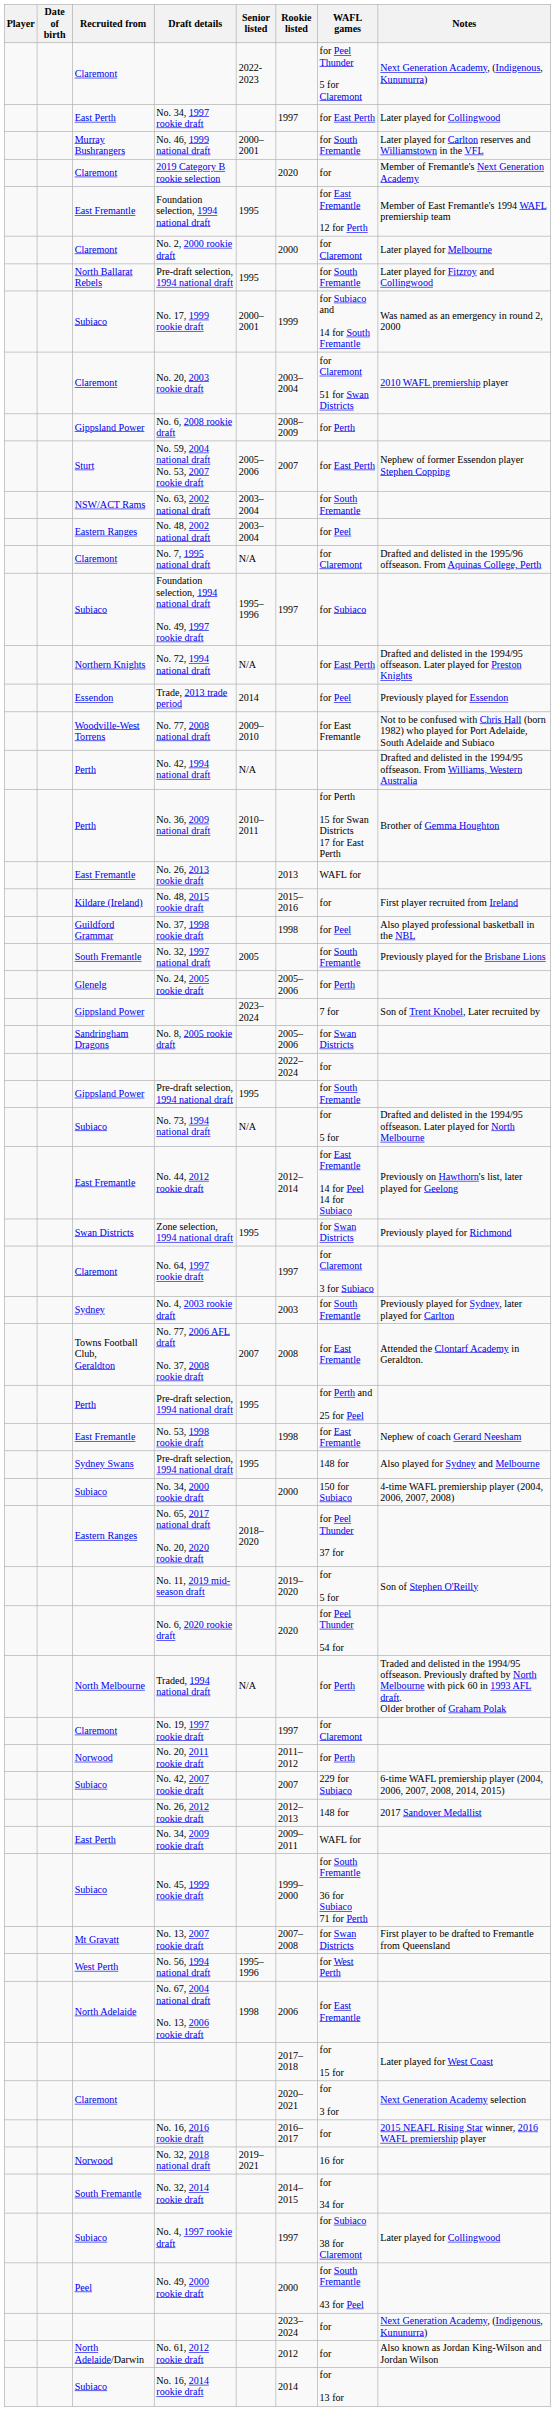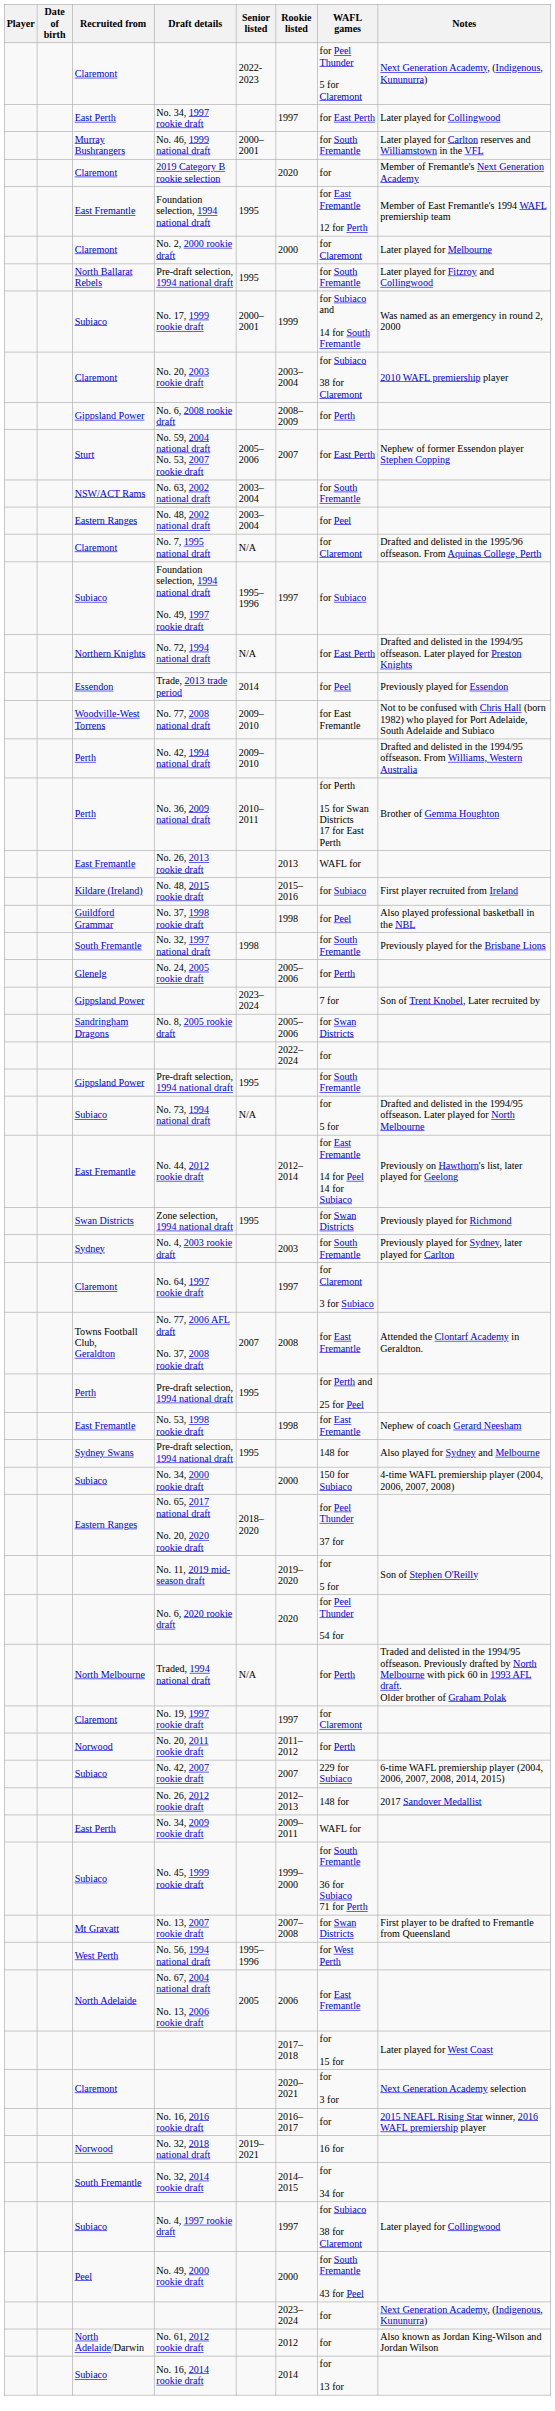 <table class="wikitable sortable">
 <tr>
 <th>Player</th>
 <th>Date of birth</th>
 <th>Recruited from</th>
 <th>Draft details</th>
 <th>Senior listed</th>
 <th>Rookie listed</th>
 <th>WAFL games</th>
 <th>Notes</th>
 </tr>
 <tr>
 <td></td>
 <td></td>
 <td><a href='#'>Claremont</a></td>
 <td></td>
 <td>2022-2023</td>
 <td></td>
 <td> for <a href='#'>Peel Thunder</a><br><br>5 for <a href='#'>Claremont</a></td>
 <td align=left><a href='#'>Next Generation Academy</a>, (<a href='#'>Indigenous</a>, <a href='#'>Kununurra</a>)</td>
 </tr>
 <tr>
 <td></td>
 <td></td>
 <td><a href='#'>East Perth</a></td>
 <td>No. 34, <a href='#'>1997 rookie draft</a></td>
 <td></td>
 <td>1997</td>
 <td> for <a href='#'>East Perth</a></td>
 <td>Later played for <a href='#'>Collingwood</a></td>
 </tr>
 <tr>
 <td></td>
 <td></td>
 <td><a href='#'>Murray Bushrangers</a></td>
 <td>No. 46, <a href='#'>1999 national draft</a></td>
 <td>2000–2001</td>
 <td></td>
 <td> for <a href='#'>South Fremantle</a></td>
 <td>Later played for <a href='#'>Carlton</a> reserves and <a href='#'>Williamstown</a> in the <a href='#'>VFL</a></td>
 </tr>
 <tr>
 <td align=left></td>
 <td></td>
 <td><a href='#'>Claremont</a></td>
 <td><a href='#'>2019 Category B rookie selection</a></td>
 <td></td>
 <td>2020</td>
 <td> for </td>
 <td>Member of Fremantle's <a href='#'>Next Generation Academy</a></td>
 </tr>
 <tr>
 <td></td>
 <td></td>
 <td><a href='#'>East Fremantle</a></td>
 <td>Foundation selection, <a href='#'>1994 national draft</a></td>
 <td>1995</td>
 <td></td>
 <td> for <a href='#'>East Fremantle</a><br><br>12 for <a href='#'>Perth</a></td>
 <td>Member of East Fremantle's 1994 <a href='#'>WAFL</a> premiership team</td>
 </tr>
 <tr>
 <td></td>
 <td></td>
 <td><a href='#'>Claremont</a></td>
 <td>No. 2, <a href='#'>2000 rookie draft</a></td>
 <td></td>
 <td>2000</td>
 <td> for <a href='#'>Claremont</a></td>
 <td>Later played for <a href='#'>Melbourne</a></td>
 </tr>
 <tr>
 <td></td>
 <td></td>
 <td><a href='#'>North Ballarat Rebels</a></td>
 <td>Pre-draft selection, <a href='#'>1994 national draft</a></td>
 <td>1995</td>
 <td></td>
 <td> for <a href='#'>South Fremantle</a></td>
 <td>Later played for <a href='#'>Fitzroy</a> and <a href='#'>Collingwood</a></td>
 </tr>
 <tr>
 <td></td>
 <td></td>
 <td><a href='#'>Subiaco</a></td>
 <td>No. 17, <a href='#'>1999 rookie draft</a></td>
 <td>2000–2001</td>
 <td>1999</td>
 <td> for <a href='#'>Subiaco</a> and<br><br>14 for <a href='#'>South Fremantle</a></td>
 <td>Was named as an emergency in round 2, 2000</td>
 </tr>
 <tr>
 <td></td>
 <td></td>
 <td><a href='#'>Claremont</a></td>
 <td>No. 20, <a href='#'>2003 rookie draft</a></td>
 <td></td>
 <td>2003–2004</td>
-<td> for <a href='#'>Claremont</a><br><br>51 for <a href='#'>Swan Districts</a></td>
+<td> for <a href='#'>Subiaco</a><br><br>38 for <a href='#'>Claremont</a></td>
 <td><a href='#'>2010 WAFL premiership</a> player</td>
 </tr>
 <tr>
 <td></td>
 <td></td>
 <td><a href='#'>Gippsland Power</a></td>
 <td>No. 6, <a href='#'>2008 rookie draft</a></td>
 <td></td>
 <td>2008–2009</td>
 <td> for <a href='#'>Perth</a></td>
 <td></td>
 </tr>
 <tr>
 <td></td>
 <td></td>
 <td><a href='#'>Sturt</a></td>
 <td>No. 59, <a href='#'>2004 national draft</a><br>No. 53, <a href='#'>2007 rookie draft</a></td>
 <td>2005–2006</td>
 <td>2007</td>
 <td> for <a href='#'>East Perth</a></td>
 <td>Nephew of former Essendon player <a href='#'>Stephen Copping</a></td>
 </tr>
 <tr>
 <td></td>
 <td></td>
 <td><a href='#'>NSW/ACT Rams</a></td>
 <td>No. 63, <a href='#'>2002 national draft</a></td>
 <td>2003–2004</td>
 <td></td>
 <td> for <a href='#'>South Fremantle</a></td>
 <td></td>
 </tr>
 <tr>
 <td></td>
 <td></td>
 <td><a href='#'>Eastern Ranges</a></td>
 <td>No. 48, <a href='#'>2002 national draft</a></td>
 <td>2003–2004</td>
 <td></td>
 <td> for <a href='#'>Peel</a></td>
 <td></td>
 </tr>
 <tr>
 <td></td>
 <td></td>
 <td><a href='#'>Claremont</a></td>
 <td>No. 7, <a href='#'>1995 national draft</a></td>
 <td>N/A</td>
 <td></td>
 <td> for <a href='#'>Claremont</a></td>
 <td>Drafted and delisted in the 1995/96 offseason. From <a href='#'>Aquinas College, Perth</a></td>
 </tr>
 <tr>
 <td></td>
 <td></td>
 <td><a href='#'>Subiaco</a></td>
 <td>Foundation selection, <a href='#'>1994 national draft</a><br><br>No. 49, <a href='#'>1997 rookie draft</a></td>
 <td>1995–1996</td>
 <td>1997</td>
 <td> for <a href='#'>Subiaco</a></td>
 <td></td>
 </tr>
 <tr>
 <td></td>
 <td></td>
 <td><a href='#'>Northern Knights</a></td>
 <td>No. 72, <a href='#'>1994 national draft</a></td>
 <td>N/A</td>
 <td></td>
 <td> for <a href='#'>East Perth</a></td>
 <td>Drafted and delisted in the 1994/95 offseason. Later played for <a href='#'>Preston Knights</a></td>
 </tr>
 <tr>
 <td></td>
 <td></td>
 <td><a href='#'>Essendon</a></td>
 <td>Trade, <a href='#'>2013 trade period</a></td>
 <td>2014</td>
 <td></td>
 <td> for <a href='#'>Peel</a></td>
 <td>Previously played for <a href='#'>Essendon</a></td>
 </tr>
 <tr>
 <td></td>
 <td></td>
 <td><a href='#'>Woodville-West Torrens</a></td>
 <td>No. 77, <a href='#'>2008 national draft</a></td>
 <td>2009–2010</td>
 <td></td>
 <td> for East Fremantle</td>
 <td>Not to be confused with <a href='#'>Chris Hall</a> (born 1982) who played for Port Adelaide, South Adelaide and Subiaco</td>
 </tr>
 <tr>
 <td></td>
 <td></td>
 <td><a href='#'>Perth</a></td>
 <td>No. 42, <a href='#'>1994 national draft</a></td>
-<td>N/A</td>
+<td>2009–2010</td>
 <td></td>
 <td></td>
 <td>Drafted and delisted in the 1994/95 offseason. From <a href='#'>Williams, Western Australia</a></td>
 </tr>
 <tr>
 <td></td>
 <td></td>
 <td><a href='#'>Perth</a></td>
 <td>No. 36, <a href='#'>2009 national draft</a></td>
 <td>2010–2011</td>
 <td></td>
 <td> for Perth<br><br>15 for Swan Districts<br> 17 for East Perth</td>
 <td>Brother of <a href='#'>Gemma Houghton</a></td>
 </tr>
 <tr>
 <td></td>
 <td></td>
 <td><a href='#'>East Fremantle</a></td>
 <td>No. 26, <a href='#'>2013 rookie draft</a></td>
 <td></td>
 <td>2013</td>
 <td> WAFL for </td>
 <td></td>
 </tr>
 <tr>
 <td></td>
 <td></td>
 <td><a href='#'>Kildare (Ireland)</a></td>
 <td>No. 48, <a href='#'>2015 rookie draft</a></td>
 <td></td>
 <td>2015–2016</td>
-<td> for </td>
+<td> for <a href='#'>Subiaco</a></td>
 <td>First player recruited from <a href='#'>Ireland</a></td>
 </tr>
 <tr>
 <td></td>
 <td></td>
 <td><a href='#'>Guildford Grammar</a></td>
 <td>No. 37, <a href='#'>1998 rookie draft</a></td>
 <td></td>
 <td>1998</td>
 <td> for <a href='#'>Peel</a></td>
 <td>Also played professional basketball in the <a href='#'>NBL</a></td>
 </tr>
 <tr>
 <td></td>
 <td></td>
 <td><a href='#'>South Fremantle</a></td>
 <td>No. 32, <a href='#'>1997 national draft</a></td>
-<td>2005</td>
+<td>1998</td>
 <td></td>
 <td> for <a href='#'>South Fremantle</a></td>
 <td>Previously played for the <a href='#'>Brisbane Lions</a></td>
 </tr>
 <tr>
 <td></td>
 <td></td>
 <td><a href='#'>Glenelg</a></td>
 <td>No. 24, <a href='#'>2005 rookie draft</a></td>
 <td></td>
 <td>2005–2006</td>
 <td> for <a href='#'>Perth</a></td>
 <td></td>
 </tr>
 <tr>
 <td></td>
 <td></td>
 <td><a href='#'>Gippsland Power</a></td>
 <td></td>
 <td>2023–2024</td>
 <td></td>
 <td>7 for  </td>
 <td>Son of <a href='#'>Trent Knobel</a>, Later recruited by </td>
 </tr>
 <tr>
 <td></td>
 <td></td>
 <td><a href='#'>Sandringham Dragons</a></td>
 <td>No. 8, <a href='#'>2005 rookie draft</a></td>
 <td></td>
 <td>2005–2006</td>
 <td> for <a href='#'>Swan Districts</a></td>
 <td></td>
 </tr>
 <tr>
 <td></td>
 <td></td>
 <td></td>
 <td></td>
 <td></td>
 <td>2022–2024</td>
 <td> for </td>
 <td></td>
 </tr>
 <tr>
 <td></td>
 <td></td>
 <td><a href='#'>Gippsland Power</a></td>
 <td>Pre-draft selection, <a href='#'>1994 national draft</a></td>
 <td>1995</td>
 <td></td>
 <td> for <a href='#'>South Fremantle</a></td>
 <td></td>
 </tr>
 <tr>
 <td></td>
 <td></td>
 <td><a href='#'>Subiaco</a></td>
 <td>No. 73, <a href='#'>1994 national draft</a></td>
 <td>N/A</td>
 <td></td>
 <td> for <br><br>5 for </td>
 <td>Drafted and delisted in the 1994/95 offseason. Later played for <a href='#'>North Melbourne</a></td>
 </tr>
 <tr>
 <td></td>
 <td></td>
 <td><a href='#'>East Fremantle</a></td>
 <td>No. 44, <a href='#'>2012 rookie draft</a></td>
 <td></td>
 <td>2012–2014</td>
 <td> for <a href='#'>East Fremantle</a><br><br>14 for <a href='#'>Peel</a><br> 14 for <a href='#'>Subiaco</a></td>
 <td>Previously on <a href='#'>Hawthorn</a>'s list, later played for <a href='#'>Geelong</a></td>
 </tr>
 <tr>
 <td></td>
 <td></td>
 <td><a href='#'>Swan Districts</a></td>
 <td>Zone selection, <a href='#'>1994 national draft</a></td>
 <td>1995</td>
 <td></td>
 <td> for <a href='#'>Swan Districts</a></td>
 <td>Previously played for <a href='#'>Richmond</a></td>
 </tr>
 <tr>
 <td></td>
 <td></td>
+<td><a href='#'>Sydney</a></td>
+<td>No. 4, <a href='#'>2003 rookie draft</a></td>
+<td></td>
+<td>2003</td>
+<td> for <a href='#'>South Fremantle</a></td>
+<td>Previously played for <a href='#'>Sydney</a>, later played for <a href='#'>Carlton</a></td>
+</tr>
+<tr>
+<td></td>
+<td></td>
 <td><a href='#'>Claremont</a></td>
 <td>No. 64, <a href='#'>1997 rookie draft</a></td>
 <td></td>
 <td>1997</td>
 <td> for <a href='#'>Claremont</a><br><br>3 for <a href='#'>Subiaco</a></td>
 <td></td>
-</tr>
-<tr>
-<td></td>
-<td></td>
-<td><a href='#'>Sydney</a></td>
-<td>No. 4, <a href='#'>2003 rookie draft</a></td>
-<td></td>
-<td>2003</td>
-<td> for <a href='#'>South Fremantle</a></td>
-<td>Previously played for <a href='#'>Sydney</a>, later played for <a href='#'>Carlton</a></td>
 </tr>
 <tr>
 <td></td>
 <td></td>
 <td>Towns Football Club,<br><a href='#'>Geraldton</a></td>
 <td>No. 77, <a href='#'>2006 AFL draft</a><br><br>No. 37, <a href='#'>2008 rookie draft</a></td>
 <td>2007</td>
 <td>2008</td>
 <td> for <a href='#'>East Fremantle</a></td>
 <td>Attended the <a href='#'>Clontarf Academy</a> in Geraldton.</td>
 </tr>
 <tr>
 <td></td>
 <td></td>
 <td><a href='#'>Perth</a></td>
 <td>Pre-draft selection, <a href='#'>1994 national draft</a></td>
 <td>1995</td>
 <td></td>
 <td> for <a href='#'>Perth</a> and<br><br>25 for <a href='#'>Peel</a></td>
 <td></td>
 </tr>
 <tr>
 <td></td>
 <td></td>
 <td><a href='#'>East Fremantle</a></td>
 <td>No. 53, <a href='#'>1998 rookie draft</a></td>
 <td></td>
 <td>1998</td>
 <td> for <a href='#'>East Fremantle</a></td>
 <td>Nephew of coach <a href='#'>Gerard Neesham</a></td>
 </tr>
 <tr>
 <td></td>
 <td></td>
 <td><a href='#'>Sydney Swans</a></td>
 <td>Pre-draft selection, <a href='#'>1994 national draft</a></td>
 <td>1995</td>
 <td></td>
 <td>148 for </td>
 <td>Also played for <a href='#'>Sydney</a> and <a href='#'>Melbourne</a></td>
 </tr>
 <tr>
 <td></td>
 <td></td>
 <td><a href='#'>Subiaco</a></td>
 <td>No. 34, <a href='#'>2000 rookie draft</a></td>
 <td></td>
 <td>2000</td>
 <td>150 for <a href='#'>Subiaco</a></td>
 <td>4-time WAFL premiership player (2004, 2006, 2007, 2008)</td>
 </tr>
 <tr>
 <td></td>
 <td></td>
 <td><a href='#'>Eastern Ranges</a></td>
 <td>No. 65, <a href='#'>2017 national draft</a><br><br>No. 20, <a href='#'>2020 rookie draft</a></td>
 <td>2018–2020</td>
 <td></td>
 <td> for <a href='#'>Peel Thunder</a><br><br>37 for </td>
 <td></td>
 </tr>
 <tr>
 <td></td>
 <td></td>
 <td></td>
 <td>No. 11, <a href='#'>2019 mid-season draft</a></td>
 <td></td>
 <td>2019–2020</td>
 <td> for <br><br>5 for </td>
 <td>Son of <a href='#'>Stephen O'Reilly</a></td>
 </tr>
 <tr>
 <td></td>
 <td></td>
 <td></td>
 <td>No. 6, <a href='#'>2020 rookie draft</a></td>
 <td></td>
 <td>2020</td>
 <td>  for <a href='#'>Peel Thunder</a><br><br>54 for </td>
 <td></td>
 </tr>
 <tr>
 <td></td>
 <td></td>
 <td><a href='#'>North Melbourne</a></td>
 <td>Traded, <a href='#'>1994 national draft</a></td>
 <td>N/A</td>
 <td></td>
 <td> for <a href='#'>Perth</a></td>
 <td>Traded and delisted in the 1994/95 offseason. Previously drafted by <a href='#'>North Melbourne</a> with pick 60 in <a href='#'>1993 AFL draft</a>.<br> Older brother of <a href='#'>Graham Polak</a></td>
 </tr>
 <tr>
 <td></td>
 <td></td>
 <td><a href='#'>Claremont</a></td>
 <td>No. 19, <a href='#'>1997 rookie draft</a></td>
 <td></td>
 <td>1997</td>
 <td> for <a href='#'>Claremont</a></td>
 <td></td>
 </tr>
 <tr>
 <td></td>
 <td></td>
 <td><a href='#'>Norwood</a></td>
 <td>No. 20, <a href='#'>2011 rookie draft</a></td>
 <td></td>
 <td>2011–2012</td>
 <td> for <a href='#'>Perth</a></td>
 <td></td>
 </tr>
 <tr>
 <td></td>
 <td></td>
 <td><a href='#'>Subiaco</a></td>
 <td>No. 42, <a href='#'>2007 rookie draft</a></td>
 <td></td>
 <td>2007</td>
 <td>229 for <a href='#'>Subiaco</a></td>
 <td>6-time WAFL premiership player (2004, 2006, 2007, 2008, 2014, 2015)</td>
 </tr>
 <tr>
 <td></td>
 <td></td>
 <td></td>
 <td>No. 26, <a href='#'>2012 rookie draft</a></td>
 <td></td>
 <td>2012–2013</td>
 <td>148 for </td>
 <td>2017 <a href='#'>Sandover Medallist</a></td>
 </tr>
 <tr>
 <td></td>
 <td></td>
 <td><a href='#'>East Perth</a></td>
 <td>No. 34, <a href='#'>2009 rookie draft</a></td>
 <td></td>
 <td>2009–2011</td>
 <td> WAFL for </td>
 <td></td>
 </tr>
 <tr>
 <td></td>
 <td></td>
 <td><a href='#'>Subiaco</a></td>
 <td>No. 45, <a href='#'>1999 rookie draft</a></td>
 <td></td>
 <td>1999–2000</td>
 <td> for <a href='#'>South Fremantle</a><br><br>36 for <a href='#'>Subiaco</a><br> 71 for <a href='#'>Perth</a></td>
 <td></td>
 </tr>
 <tr>
 <td></td>
 <td></td>
 <td><a href='#'>Mt Gravatt</a></td>
 <td>No. 13, <a href='#'>2007 rookie draft</a></td>
 <td></td>
 <td>2007–2008</td>
 <td> for <a href='#'>Swan Districts</a></td>
 <td>First player to be drafted to Fremantle from Queensland</td>
 </tr>
 <tr>
 <td></td>
 <td></td>
 <td><a href='#'>West Perth</a></td>
 <td>No. 56, <a href='#'>1994 national draft</a></td>
 <td>1995–1996</td>
 <td></td>
 <td> for <a href='#'>West Perth</a></td>
 <td></td>
 </tr>
 <tr>
 <td></td>
 <td></td>
 <td><a href='#'>North Adelaide</a></td>
 <td>No. 67, <a href='#'>2004 national draft</a><br><br>No. 13, <a href='#'>2006 rookie draft</a></td>
-<td>1998</td>
+<td>2005</td>
 <td>2006</td>
 <td> for <a href='#'>East Fremantle</a></td>
 <td></td>
 </tr>
 <tr>
 <td align=left></td>
 <td></td>
 <td align=left></td>
 <td></td>
 <td></td>
 <td>2017–2018</td>
 <td> for <br><br>15 for </td>
 <td>Later played for <a href='#'>West Coast</a></td>
 </tr>
 <tr>
 <td align=left></td>
 <td></td>
 <td align=left><a href='#'>Claremont</a></td>
 <td></td>
 <td></td>
 <td>2020–2021</td>
 <td> for  <br><br>3 for</td>
 <td align=left><a href='#'>Next Generation Academy</a> selection</td>
 </tr>
 <tr>
 <td align=left></td>
 <td></td>
 <td align=left></td>
 <td>No. 16, <a href='#'>2016 rookie draft</a></td>
 <td></td>
 <td>2016–2017</td>
 <td> for </td>
 <td align=left><a href='#'>2015 NEAFL Rising Star</a> winner, <a href='#'>2016 WAFL premiership</a> player</td>
 </tr>
 <tr>
 <td align=left></td>
 <td></td>
 <td align=left><a href='#'>Norwood</a></td>
 <td>No. 32, <a href='#'>2018 national draft</a></td>
 <td>2019–2021</td>
 <td></td>
 <td>16 for </td>
 <td></td>
 </tr>
 <tr>
 <td></td>
 <td></td>
 <td><a href='#'>South Fremantle</a></td>
 <td>No. 32, <a href='#'>2014 rookie draft</a></td>
 <td></td>
 <td>2014–2015</td>
 <td> for <br><br>34 for </td>
 <td></td>
 </tr>
 <tr>
 <td></td>
 <td></td>
 <td><a href='#'>Subiaco</a></td>
 <td>No. 4, <a href='#'>1997 rookie draft</a></td>
 <td></td>
 <td>1997</td>
 <td> for <a href='#'>Subiaco</a><br><br>38 for <a href='#'>Claremont</a></td>
 <td>Later played for <a href='#'>Collingwood</a></td>
 </tr>
 <tr>
 <td></td>
 <td></td>
 <td><a href='#'>Peel</a></td>
 <td>No. 49, <a href='#'>2000 rookie draft</a></td>
 <td></td>
 <td>2000</td>
 <td> for <a href='#'>South Fremantle</a><br><br>43 for <a href='#'>Peel</a></td>
 <td></td>
 </tr>
 <tr>
 <td></td>
 <td></td>
 <td></td>
 <td></td>
 <td></td>
 <td>2023–2024</td>
 <td> for </td>
 <td><a href='#'>Next Generation Academy</a>, (<a href='#'>Indigenous</a>, <a href='#'>Kununurra</a>)</td>
 </tr>
 <tr>
 <td></td>
 <td></td>
 <td><a href='#'>North Adelaide</a>/Darwin</td>
 <td>No. 61, <a href='#'>2012 rookie draft</a></td>
 <td></td>
 <td>2012</td>
 <td> for </td>
 <td>Also known as Jordan King-Wilson and Jordan Wilson</td>
 </tr>
 <tr>
 <td></td>
 <td></td>
 <td><a href='#'>Subiaco</a></td>
 <td>No. 16, <a href='#'>2014 rookie draft</a></td>
 <td></td>
 <td>2014</td>
 <td> for <br><br>13 for </td>
 <td></td>
 </tr>
 </table>
